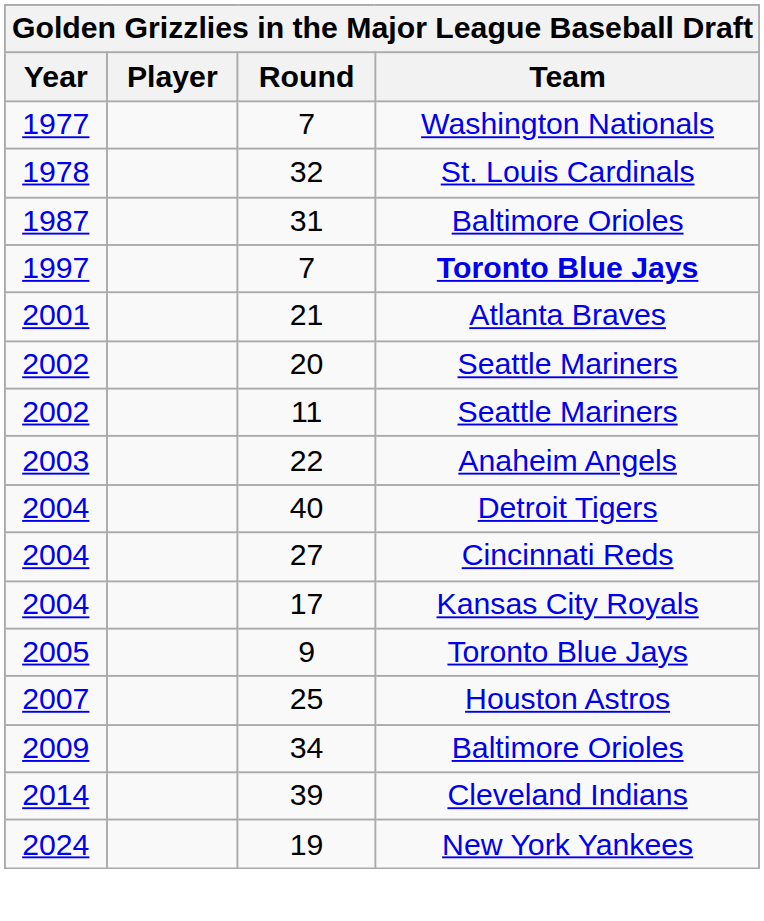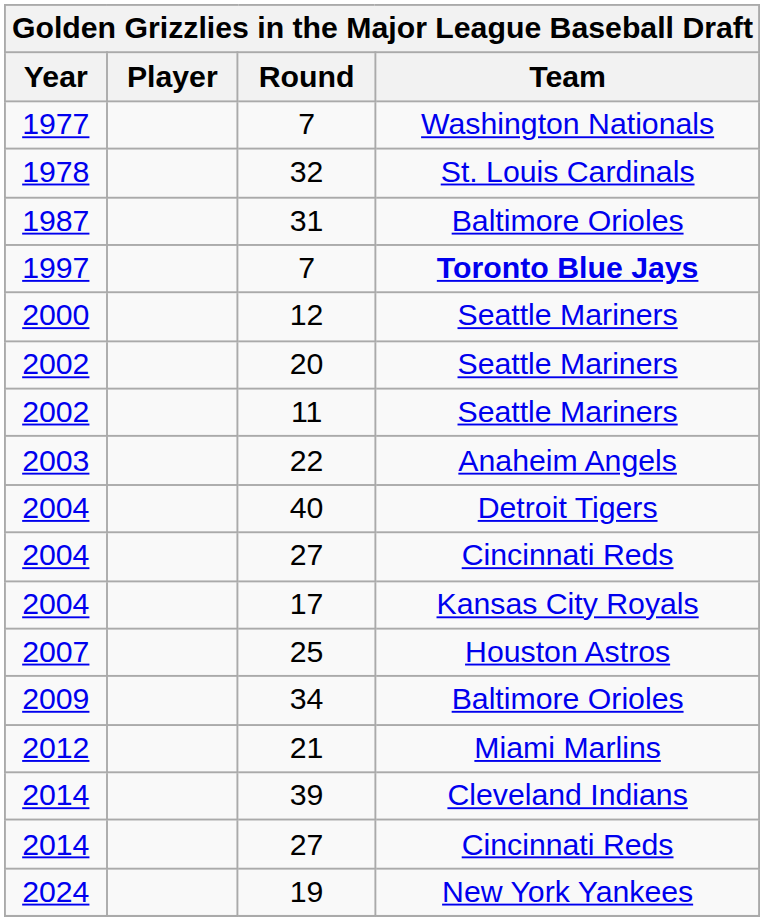 <table class="wikitable sortable collapsible collapsed" style="text-align:center">
 <tr>
 <th colspan=4>Golden Grizzlies in the Major League Baseball Draft</th>
 </tr>
 <tr>
 <th>Year</th>
 <th>Player</th>
 <th>Round</th>
 <th>Team</th>
 </tr>
 <tr>
 <td><a href='#'>1977</a></td>
 <td></td>
 <td>7</td>
 <td><a href='#'>Washington Nationals</a></td>
 </tr>
 <tr>
 <td><a href='#'>1978</a></td>
 <td></td>
 <td>32</td>
 <td><a href='#'>St. Louis Cardinals</a></td>
 </tr>
 <tr>
 <td><a href='#'>1987</a></td>
 <td></td>
 <td>31</td>
 <td><a href='#'>Baltimore Orioles</a></td>
 </tr>
 <tr>
 <td><a href='#'>1997</a></td>
 <td></td>
 <td>7</td>
 <td><strong><a href='#'>Toronto Blue Jays</a></strong></td>
 </tr>
 <tr>
-<td><a href='#'>2001</a></td>
+<td><a href='#'>2000</a></td>
 <td></td>
-<td>21</td>
-<td><a href='#'>Atlanta Braves</a></td>
+<td>12</td>
+<td><a href='#'>Seattle Mariners</a></td>
 </tr>
 <tr>
 <td><a href='#'>2002</a></td>
 <td></td>
 <td>20</td>
 <td><a href='#'>Seattle Mariners</a></td>
 </tr>
 <tr>
 <td><a href='#'>2002</a></td>
 <td></td>
 <td>11</td>
 <td><a href='#'>Seattle Mariners</a></td>
 </tr>
 <tr>
 <td><a href='#'>2003</a></td>
 <td></td>
 <td>22</td>
 <td><a href='#'>Anaheim Angels</a></td>
 </tr>
 <tr>
 <td><a href='#'>2004</a></td>
 <td></td>
 <td>40</td>
 <td><a href='#'>Detroit Tigers</a></td>
 </tr>
 <tr>
 <td><a href='#'>2004</a></td>
 <td></td>
 <td>27</td>
 <td><a href='#'>Cincinnati Reds</a></td>
 </tr>
 <tr>
 <td><a href='#'>2004</a></td>
 <td></td>
 <td>17</td>
 <td><a href='#'>Kansas City Royals</a></td>
 </tr>
 <tr>
-<td><a href='#'>2005</a></td>
-<td></td>
-<td>9</td>
-<td><a href='#'>Toronto Blue Jays</a></td>
-</tr>
-<tr>
 <td><a href='#'>2007</a></td>
 <td></td>
 <td>25</td>
 <td><a href='#'>Houston Astros</a></td>
 </tr>
 <tr>
 <td><a href='#'>2009</a></td>
 <td></td>
 <td>34</td>
 <td><a href='#'>Baltimore Orioles</a></td>
 </tr>
 <tr>
+<td><a href='#'>2012</a></td>
+<td></td>
+<td>21</td>
+<td><a href='#'>Miami Marlins</a></td>
+</tr>
+<tr>
 <td><a href='#'>2014</a></td>
 <td></td>
 <td>39</td>
 <td><a href='#'>Cleveland Indians</a></td>
+</tr>
+<tr>
+<td><a href='#'>2014</a></td>
+<td></td>
+<td>27</td>
+<td><a href='#'>Cincinnati Reds</a></td>
 </tr>
 <tr>
 <td><a href='#'>2024</a></td>
 <td></td>
 <td>19</td>
 <td><a href='#'>New York Yankees</a></td>
 </tr>
 <tr>
 </tr>
 </table>
